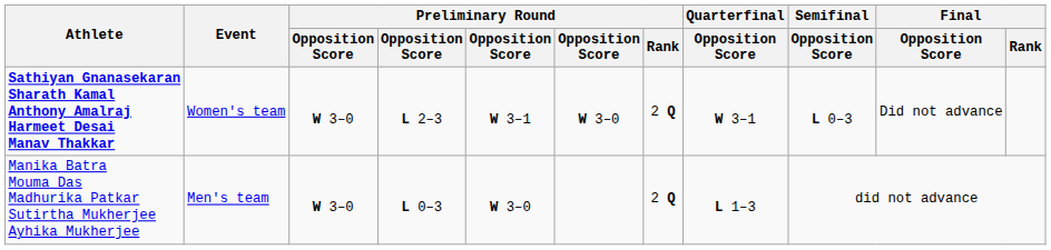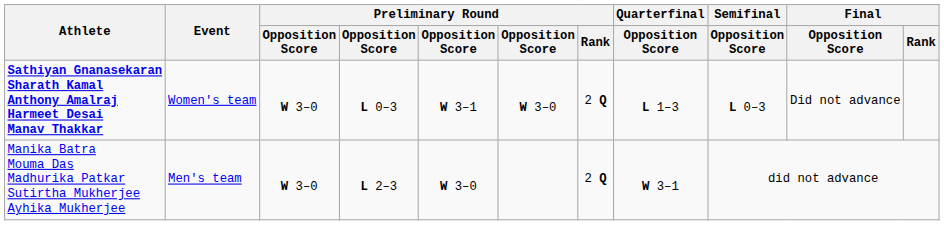 <table class=wikitable style=font-size:90%;text-align:center>
 <tr>
 <th rowspan="2">Athlete</th>
 <th rowspan="2">Event</th>
 <th colspan="5">Preliminary Round</th>
 <th>Quarterfinal</th>
 <th>Semifinal</th>
 <th colspan="2">Final</th>
 </tr>
 <tr>
 <th>Opposition<br>Score</th>
 <th>Opposition<br>Score</th>
 <th>Opposition<br>Score</th>
 <th>Opposition<br>Score</th>
 <th>Rank</th>
 <th>Opposition<br>Score</th>
 <th>Opposition<br>Score</th>
 <th>Opposition<br>Score</th>
 <th>Rank</th>
 </tr>
 <tr>
 <td align=left><strong><a href='#'>Sathiyan Gnanasekaran</a><br><a href='#'>Sharath Kamal</a><br><a href='#'>Anthony Amalraj</a><br><a href='#'>Harmeet Desai</a><br><a href='#'>Manav Thakkar</a></strong></td>
 <td align=left><a href='#'>Women's team</a></td>
 <td><br><strong>W</strong> 3–0</td>
-<td><br><strong>L</strong> 2–3</td>
+<td><br><strong>L</strong>  0–3</td>
 <td><br><strong>W</strong> 3–1</td>
 <td><br><strong>W</strong> 3–0</td>
 <td>2 <strong>Q</strong></td>
-<td><br><strong>W</strong> 3–1</td>
+<td><br><strong>L</strong> 1–3</td>
 <td><br><strong>L</strong> 0–3</td>
 <td>Did not advance</td>
 <td></td>
 </tr>
 <tr>
 <td align=left><a href='#'>Manika Batra</a><br><a href='#'>Mouma Das</a><br><a href='#'>Madhurika Patkar</a><br><a href='#'>Sutirtha Mukherjee</a><br><a href='#'>Ayhika Mukherjee</a></td>
 <td align=left><a href='#'>Men's team</a></td>
 <td><br><strong>W</strong> 3–0</td>
-<td><br><strong>L</strong>  0–3</td>
+<td><br><strong>L</strong> 2–3</td>
 <td><br><strong>W</strong> 3–0</td>
 <td></td>
 <td>2 <strong>Q</strong></td>
-<td><br><strong>L</strong> 1–3</td>
+<td><br><strong>W</strong> 3–1</td>
 <td colspan="3">did not advance</td>
 </tr>
 </table>
